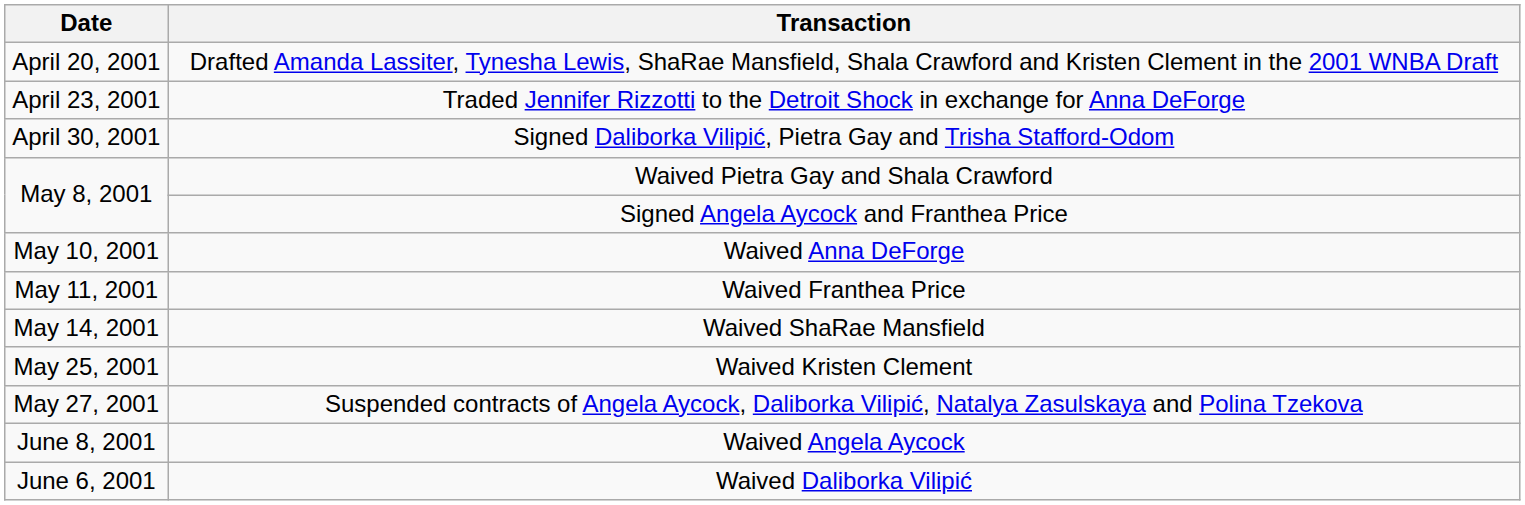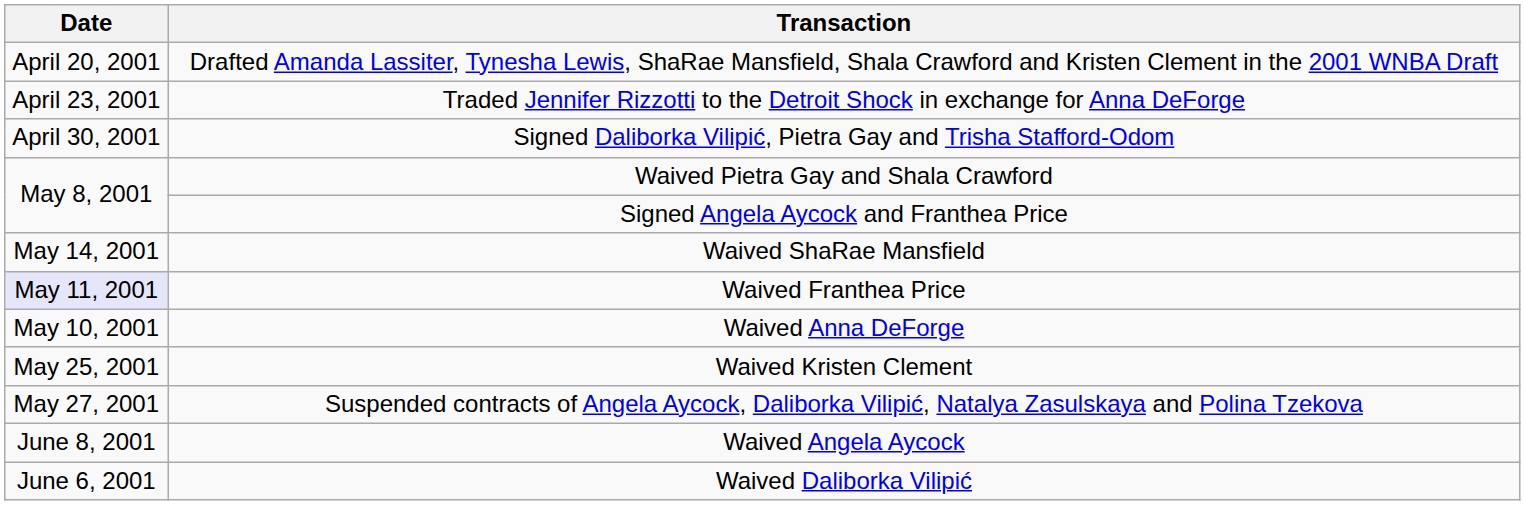 <table class="wikitable" style="width:80%; text-align: center;">
 <tr>
 <th>Date</th>
 <th>Transaction</th>
 </tr>
 <tr>
 <td>April 20, 2001</td>
 <td>Drafted <a href='#'>Amanda Lassiter</a>, <a href='#'>Tynesha Lewis</a>, ShaRae Mansfield, Shala Crawford and Kristen Clement in the <a href='#'>2001 WNBA Draft</a></td>
 </tr>
 <tr>
 <td>April 23, 2001</td>
 <td>Traded <a href='#'>Jennifer Rizzotti</a> to the <a href='#'>Detroit Shock</a> in exchange for <a href='#'>Anna DeForge</a></td>
 </tr>
 <tr>
 <td>April 30, 2001</td>
 <td>Signed <a href='#'>Daliborka Vilipić</a>, Pietra Gay and <a href='#'>Trisha Stafford-Odom</a></td>
 </tr>
 <tr>
 <td rowspan="2">May 8, 2001</td>
 <td>Waived Pietra Gay and Shala Crawford</td>
 </tr>
 <tr>
 <td>Signed <a href='#'>Angela Aycock</a> and Franthea Price</td>
 </tr>
 <tr>
-<td>May 10, 2001</td>
-<td>Waived <a href='#'>Anna DeForge</a></td>
+<td>May 14, 2001</td>
+<td>Waived ShaRae Mansfield</td>
 </tr>
 <tr>
-<td>May 11, 2001</td>
+<td style="background: lavender;">May 11, 2001</td>
 <td>Waived Franthea Price</td>
 </tr>
 <tr>
-<td>May 14, 2001</td>
-<td>Waived ShaRae Mansfield</td>
+<td>May 10, 2001</td>
+<td>Waived <a href='#'>Anna DeForge</a></td>
 </tr>
 <tr>
 <td>May 25, 2001</td>
 <td>Waived Kristen Clement</td>
 </tr>
 <tr>
 <td>May 27, 2001</td>
 <td>Suspended contracts of <a href='#'>Angela Aycock</a>, <a href='#'>Daliborka Vilipić</a>, <a href='#'>Natalya Zasulskaya</a> and <a href='#'>Polina Tzekova</a></td>
 </tr>
 <tr>
 <td>June 8, 2001</td>
 <td>Waived <a href='#'>Angela Aycock</a></td>
 </tr>
 <tr>
 <td>June 6, 2001</td>
 <td>Waived <a href='#'>Daliborka Vilipić</a></td>
 </tr>
 </table>
